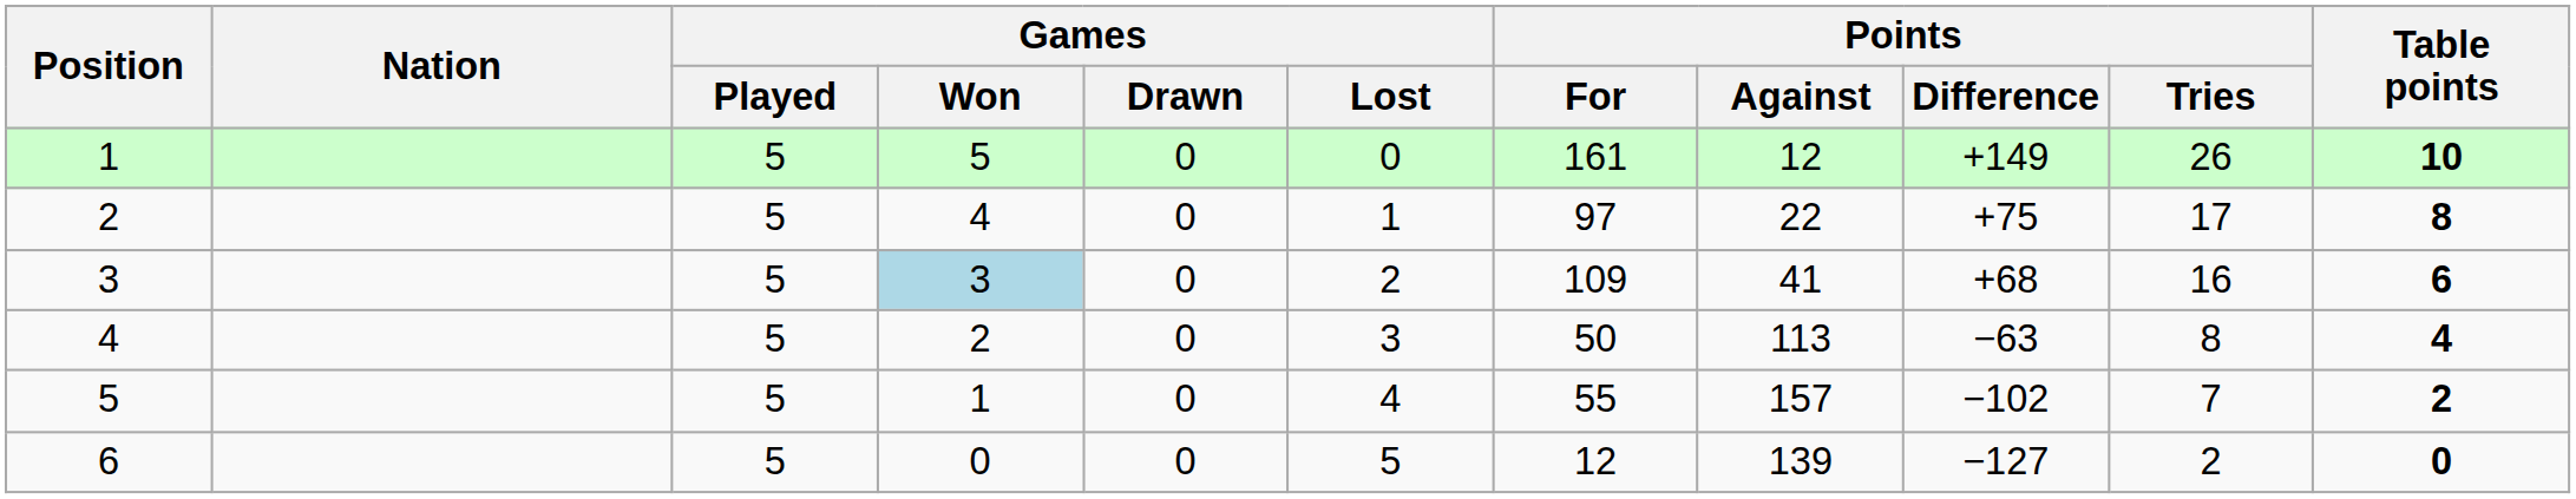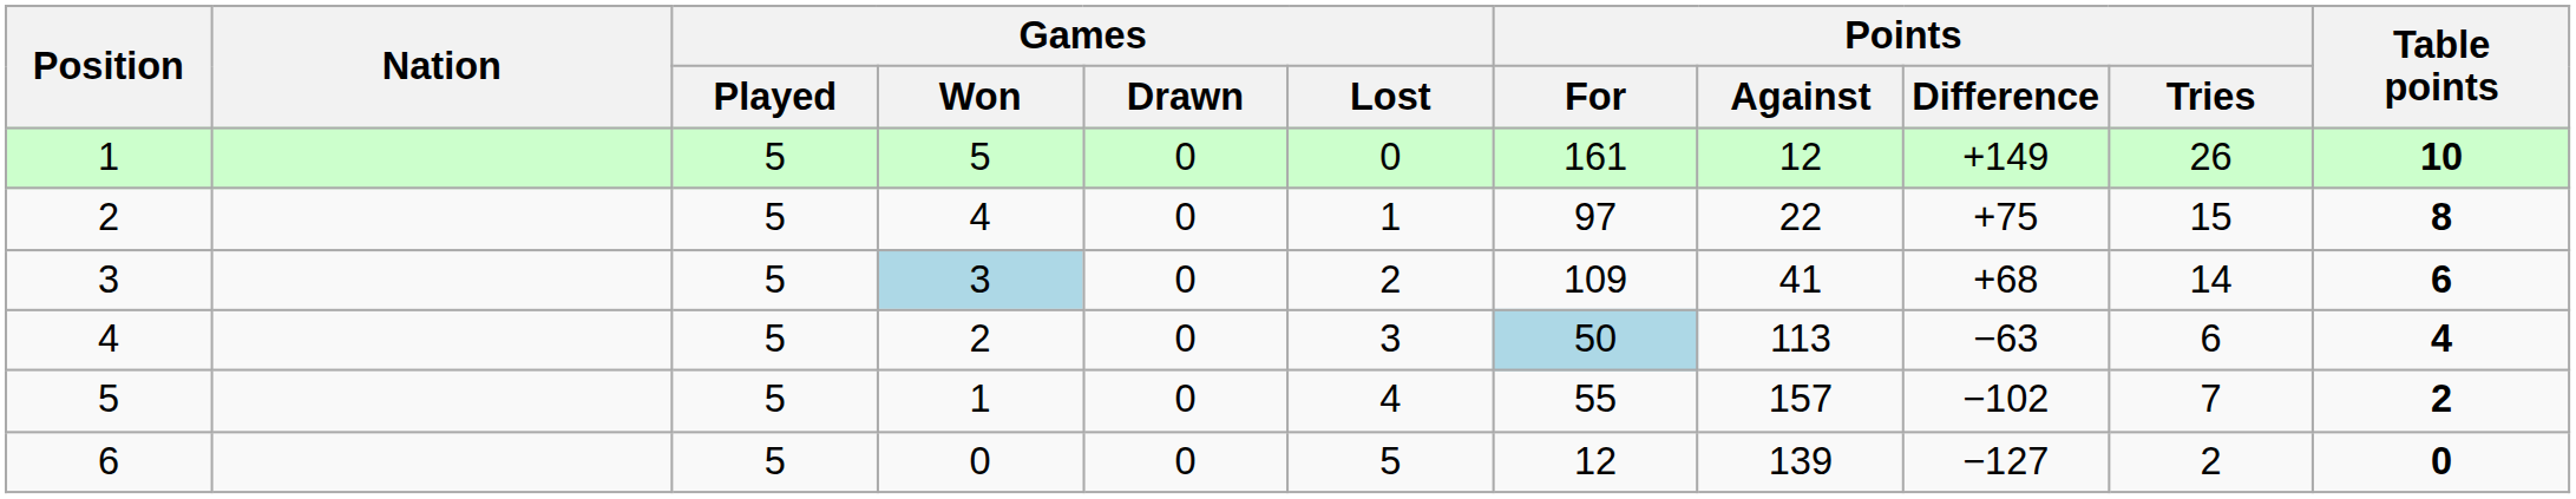 <table class="wikitable" style="text-align: center;">
 <tr>
 <th rowspan=2 width="8%">Position</th>
 <th rowspan=2 width="18%">Nation</th>
 <th colspan=4 width="32%">Games</th>
 <th colspan=4 width="32%">Points</th>
 <th rowspan=2 width="10%">Table<br>points</th>
 </tr>
 <tr>
 <th width="8%">Played</th>
 <th width="8%">Won</th>
 <th width="8%">Drawn</th>
 <th width="8%">Lost</th>
 <th width="8%">For</th>
 <th width="8%">Against</th>
 <th width="8%">Difference</th>
 <th width="8%">Tries</th>
 </tr>
 <tr bgcolor=#ccffcc align=center>
 <td>1</td>
 <td align=left></td>
 <td>5</td>
 <td>5</td>
 <td>0</td>
 <td>0</td>
 <td>161</td>
 <td>12</td>
 <td>+149</td>
 <td>26</td>
 <td><strong>10</strong></td>
 </tr>
 <tr>
 <td>2</td>
 <td align=left></td>
 <td>5</td>
 <td>4</td>
 <td>0</td>
 <td>1</td>
 <td>97</td>
 <td>22</td>
 <td>+75</td>
-<td>17</td>
+<td>15</td>
 <td><strong>8</strong></td>
 </tr>
 <tr>
 <td>3</td>
 <td align=left></td>
 <td>5</td>
 <td style="background: lightblue;">3</td>
 <td>0</td>
 <td>2</td>
 <td>109</td>
 <td>41</td>
 <td>+68</td>
-<td>16</td>
+<td>14</td>
 <td><strong>6</strong></td>
 </tr>
 <tr>
 <td>4</td>
 <td align=left></td>
 <td>5</td>
 <td>2</td>
 <td>0</td>
 <td>3</td>
-<td>50</td>
+<td style="background: lightblue;">50</td>
 <td>113</td>
 <td>−63</td>
-<td>8</td>
+<td>6</td>
 <td><strong>4</strong></td>
 </tr>
 <tr>
 <td>5</td>
 <td align=left></td>
 <td>5</td>
 <td>1</td>
 <td>0</td>
 <td>4</td>
 <td>55</td>
 <td>157</td>
 <td>−102</td>
 <td>7</td>
 <td><strong>2</strong></td>
 </tr>
 <tr>
 <td>6</td>
 <td align=left></td>
 <td>5</td>
 <td>0</td>
 <td>0</td>
 <td>5</td>
 <td>12</td>
 <td>139</td>
 <td>−127</td>
 <td>2</td>
 <td><strong>0</strong></td>
 </tr>
 </table>
